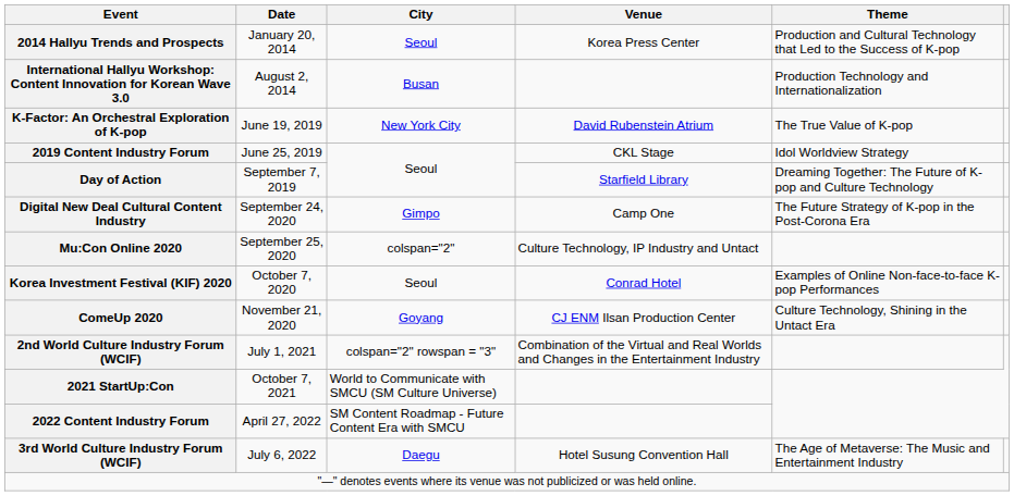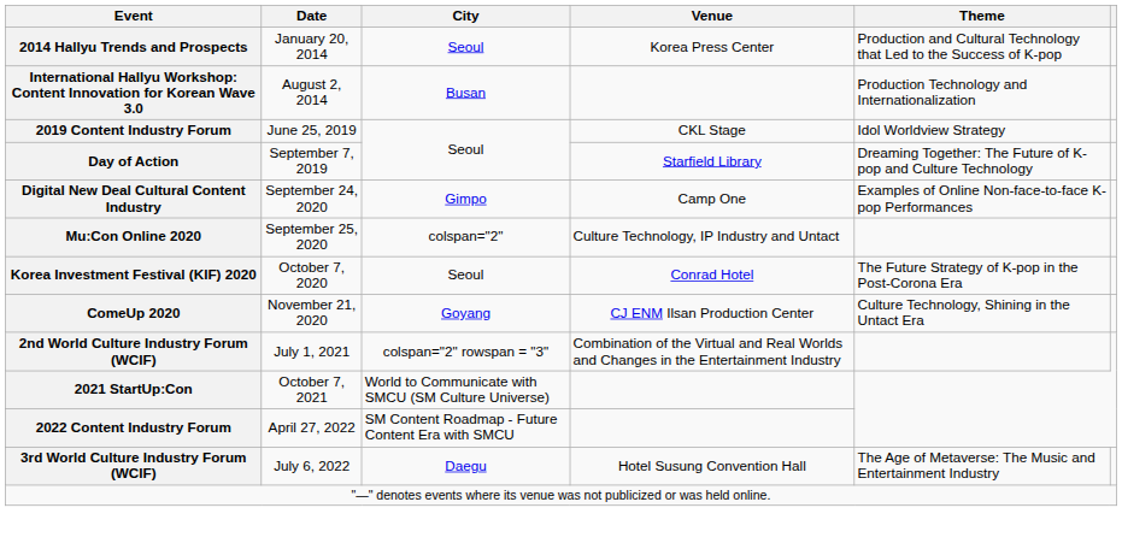 <table class="wikitable plainrowheaders sortable" style="text-align:center;" width=100%>
 <tr>
 <th scope="col">Event</th>
 <th scope="col">Date</th>
 <th scope="col">City</th>
 <th scope="col">Venue</th>
 <th scope="col">Theme</th>
 <th scope="col" class="unsortable"></th>
 </tr>
 <tr>
 <th scope="row">2014 Hallyu Trends and Prospects</th>
 <td>January 20, 2014</td>
 <td><a href='#'>Seoul</a></td>
 <td>Korea Press Center</td>
 <td style="text-align:left">Production and Cultural Technology that Led to the Success of K-pop</td>
 <td></td>
 </tr>
 <tr>
 <th scope="row">International Hallyu Workshop: Content Innovation for Korean Wave 3.0</th>
 <td>August 2, 2014</td>
 <td><a href='#'>Busan</a></td>
 <td></td>
 <td style="text-align:left">Production Technology and Internationalization</td>
 <td></td>
 </tr>
 <tr>
-<th scope="row">K-Factor: An Orchestral Exploration of K-pop</th>
-<td>June 19, 2019</td>
-<td><a href='#'>New York City</a></td>
-<td><a href='#'>David Rubenstein Atrium</a></td>
-<td style="text-align:left">The True Value of K-pop</td>
-<td></td>
-</tr>
-<tr>
 <th scope="row">2019 Content Industry Forum</th>
 <td>June 25, 2019</td>
 <td rowspan="2">Seoul</td>
 <td>CKL Stage</td>
 <td style="text-align:left">Idol Worldview Strategy</td>
 <td></td>
 </tr>
 <tr>
 <th scope="row">Day of Action</th>
 <td>September 7, 2019</td>
 <td><a href='#'>Starfield Library</a></td>
 <td style="text-align:left">Dreaming Together: The Future of K-pop and Culture Technology</td>
 <td></td>
 </tr>
 <tr>
 <th scope="row">Digital New Deal Cultural Content Industry</th>
 <td>September 24, 2020</td>
 <td><a href='#'>Gimpo</a></td>
 <td>Camp One</td>
-<td style="text-align:left">The Future Strategy of K-pop in the Post-Corona Era</td>
+<td style="text-align:left">Examples of Online Non-face-to-face K-pop Performances</td>
 <td></td>
 </tr>
 <tr>
 <th scope="row">Mu:Con Online 2020</th>
 <td>September 25, 2020</td>
 <td>colspan="2" </td>
 <td style="text-align:left">Culture Technology, IP Industry and Untact</td>
 <td></td>
 </tr>
 <tr>
 <th scope="row">Korea Investment Festival (KIF) 2020</th>
 <td>October 7, 2020</td>
 <td>Seoul</td>
 <td><a href='#'>Conrad Hotel</a></td>
-<td style="text-align:left">Examples of Online Non-face-to-face K-pop Performances</td>
+<td style="text-align:left">The Future Strategy of K-pop in the Post-Corona Era</td>
 <td><br></td>
 </tr>
 <tr>
 <th scope="row">ComeUp 2020</th>
 <td>November 21, 2020</td>
 <td><a href='#'>Goyang</a></td>
 <td><a href='#'>CJ ENM</a> Ilsan Production Center</td>
 <td style="text-align:left">Culture Technology, Shining in the Untact Era</td>
 <td></td>
 </tr>
 <tr>
 <th scope="row">2nd World Culture Industry Forum (WCIF)</th>
 <td>July 1, 2021</td>
 <td>colspan="2" rowspan = "3" </td>
 <td style="text-align:left">Combination of the Virtual and Real Worlds and Changes in the Entertainment Industry</td>
 <td></td>
 </tr>
 <tr>
 <th scope="row">2021 StartUp:Con</th>
 <td>October 7, 2021</td>
 <td style="text-align:left">World to Communicate with SMCU (SM Culture Universe)</td>
 <td><br></td>
 </tr>
 <tr>
 <th scope="row">2022 Content Industry Forum</th>
 <td>April 27, 2022</td>
 <td style="text-align:left">SM Content Roadmap - Future Content Era with SMCU</td>
 <td></td>
 </tr>
 <tr>
 <th scope="row">3rd World Culture Industry Forum (WCIF)</th>
 <td>July 6, 2022</td>
 <td><a href='#'>Daegu</a></td>
 <td>Hotel Susung Convention Hall</td>
 <td style="text-align:left">The Age of Metaverse: The Music and Entertainment Industry</td>
 <td><br></td>
 </tr>
 <tr>
 <td colspan="6" style="font-size:90%">"—" denotes events where its venue was not publicized or was held online.</td>
 </tr>
 </table>
